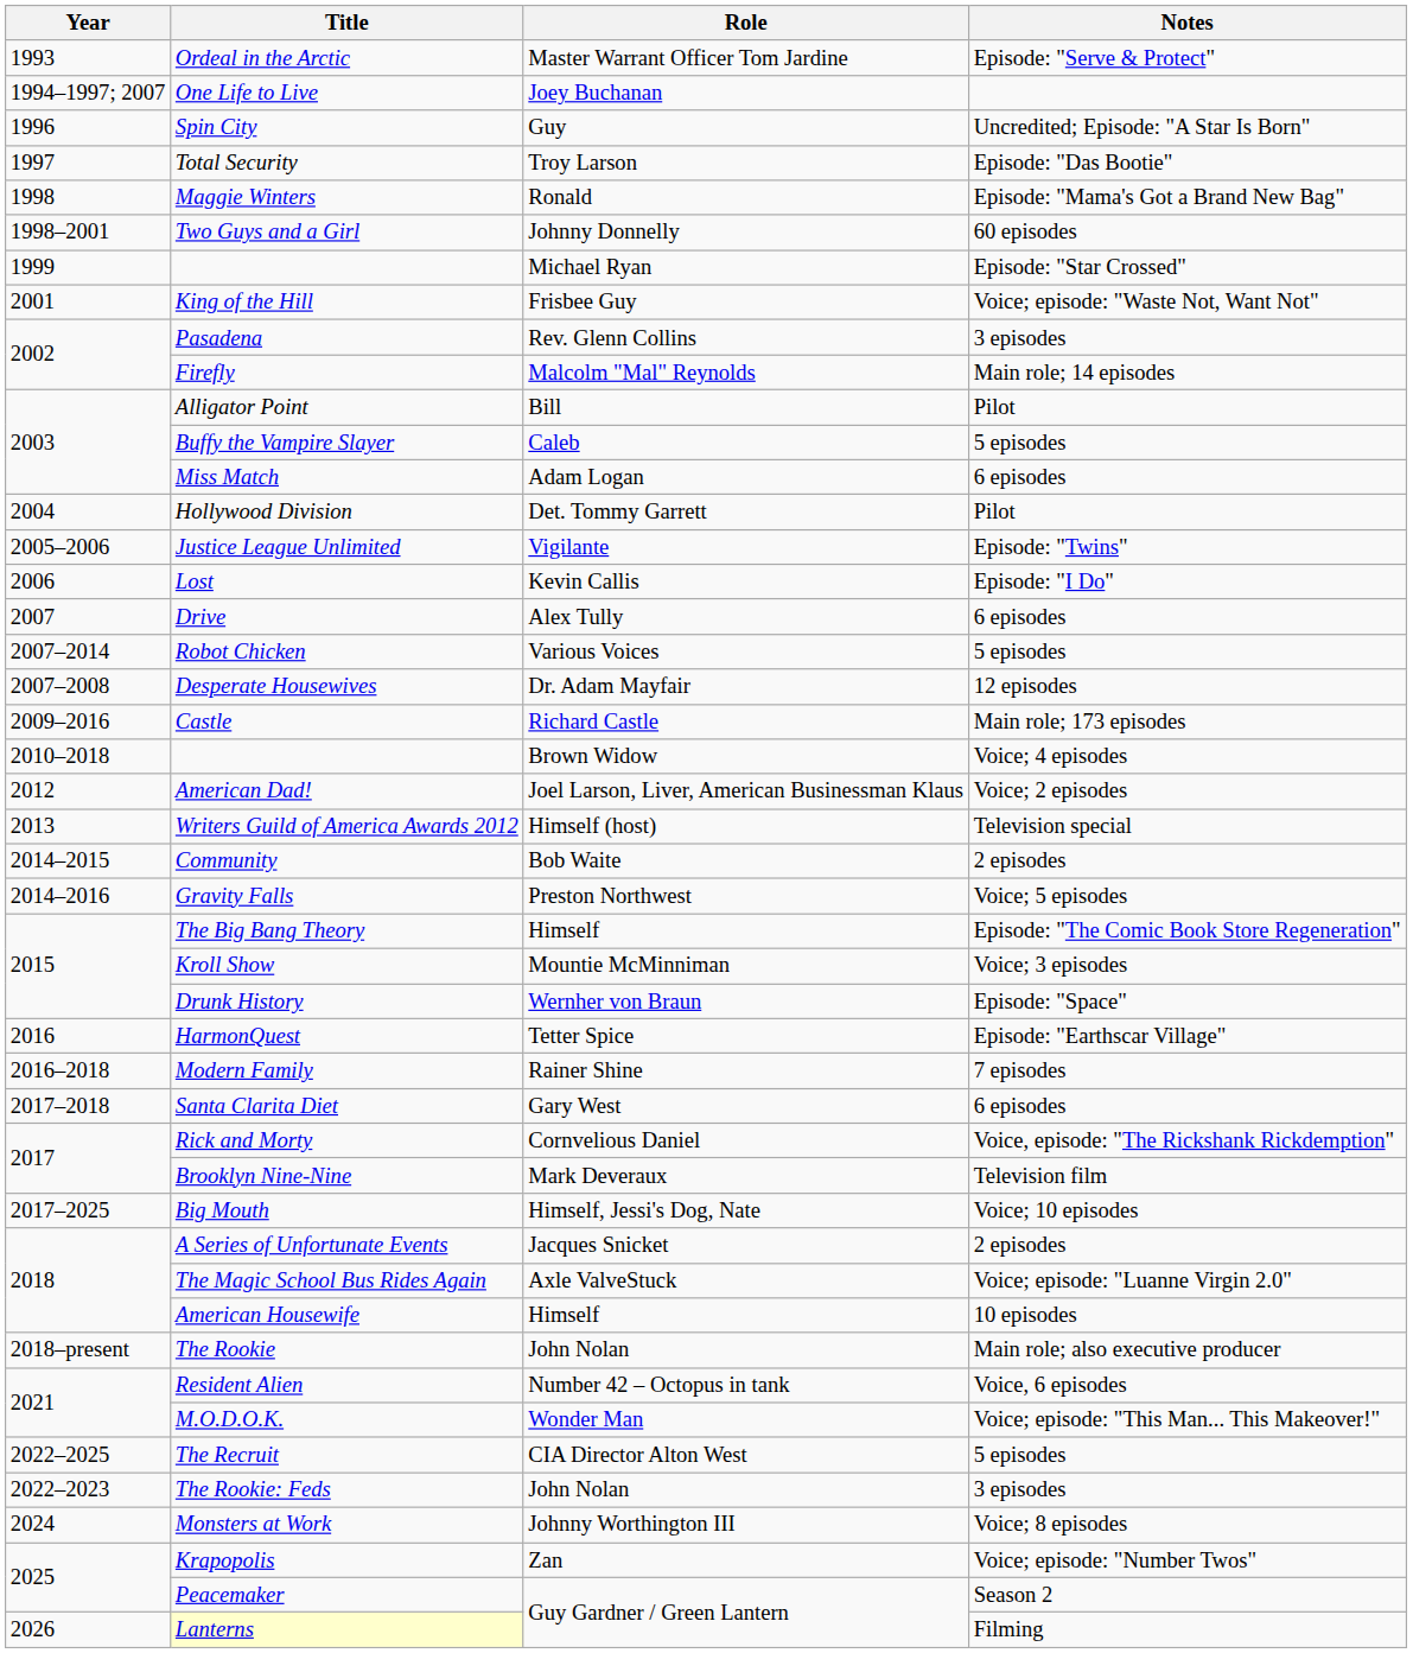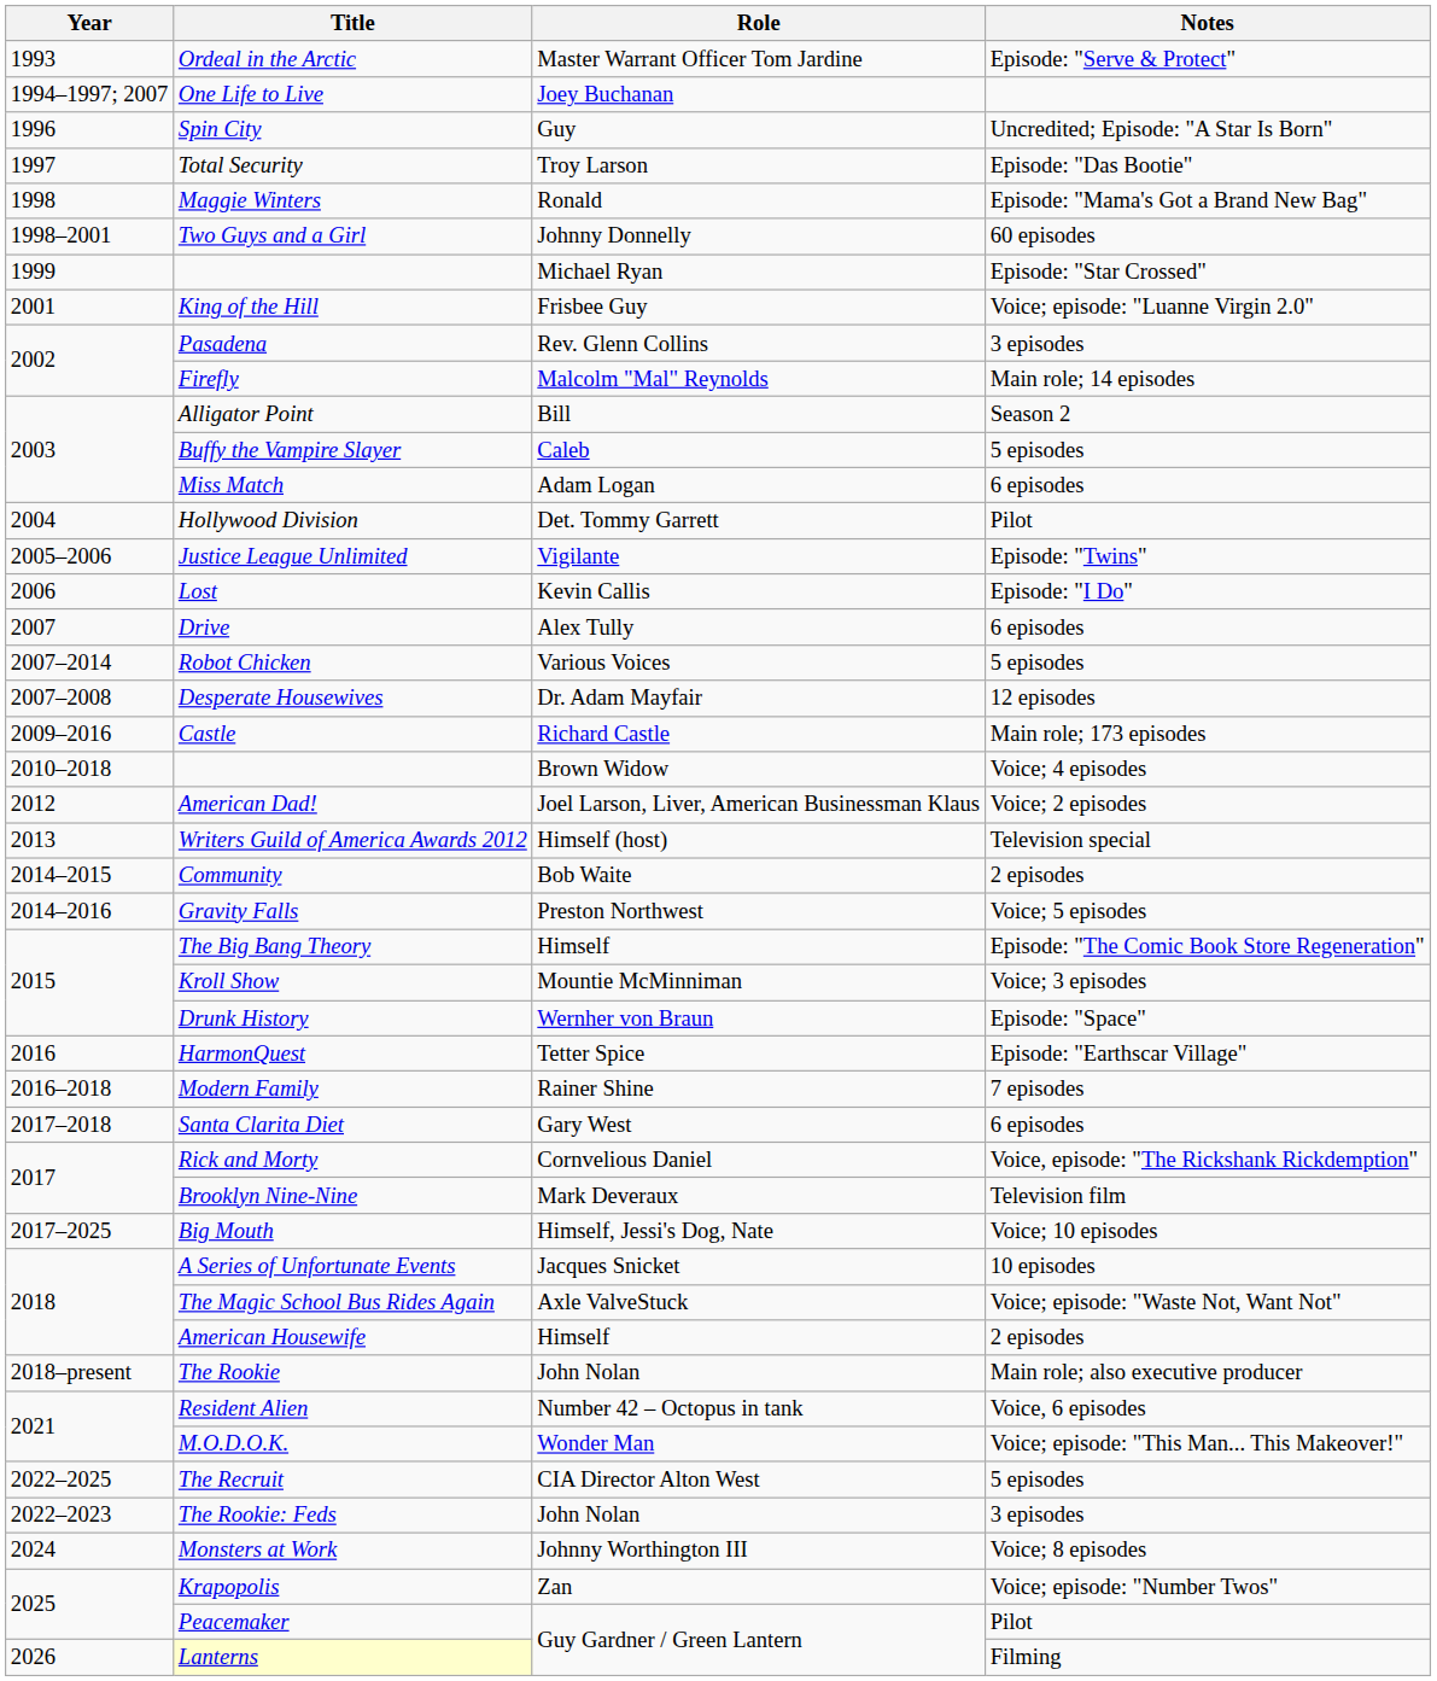 <table class="wikitable sortable">
 <tr>
 <th>Year</th>
 <th>Title</th>
 <th>Role</th>
 <th class="unsortable">Notes</th>
 </tr>
 <tr>
 <td>1993</td>
 <td><em><a href='#'>Ordeal in the Arctic</a></em></td>
 <td>Master Warrant Officer Tom Jardine</td>
 <td>Episode: "<a href='#'>Serve & Protect</a>"</td>
 </tr>
 <tr>
 <td>1994–1997; 2007</td>
 <td><em><a href='#'>One Life to Live</a></em></td>
 <td><a href='#'>Joey Buchanan</a></td>
 <td></td>
 </tr>
 <tr>
 <td>1996</td>
 <td><em><a href='#'>Spin City</a></em></td>
 <td>Guy</td>
 <td>Uncredited; Episode: "A Star Is Born"</td>
 </tr>
 <tr>
 <td>1997</td>
 <td><em>Total Security</em></td>
 <td>Troy Larson</td>
 <td>Episode: "Das Bootie"</td>
 </tr>
 <tr>
 <td>1998</td>
 <td><em><a href='#'>Maggie Winters</a></em></td>
 <td>Ronald</td>
 <td>Episode: "Mama's Got a Brand New Bag"</td>
 </tr>
 <tr>
 <td>1998–2001</td>
 <td><em><a href='#'>Two Guys and a Girl</a></em></td>
 <td>Johnny Donnelly</td>
 <td>60 episodes</td>
 </tr>
 <tr>
 <td>1999</td>
 <td><em></em></td>
 <td>Michael Ryan</td>
 <td>Episode: "Star Crossed"</td>
 </tr>
 <tr>
 <td>2001</td>
 <td><em><a href='#'>King of the Hill</a></em></td>
 <td>Frisbee Guy</td>
-<td>Voice; episode: "Waste Not, Want Not"</td>
+<td>Voice; episode: "Luanne Virgin 2.0"</td>
 </tr>
 <tr>
 <td rowspan="2">2002</td>
 <td><em><a href='#'>Pasadena</a></em></td>
 <td>Rev. Glenn Collins</td>
 <td>3 episodes</td>
 </tr>
 <tr>
 <td><em><a href='#'>Firefly</a></em></td>
 <td><a href='#'>Malcolm "Mal" Reynolds</a></td>
 <td>Main role; 14 episodes</td>
 </tr>
 <tr>
 <td rowspan="3">2003</td>
 <td><em>Alligator Point</em></td>
 <td>Bill</td>
-<td>Pilot</td>
+<td>Season 2</td>
 </tr>
 <tr>
 <td><em><a href='#'>Buffy the Vampire Slayer</a></em></td>
 <td><a href='#'>Caleb</a></td>
 <td>5 episodes</td>
 </tr>
 <tr>
 <td><em><a href='#'>Miss Match</a></em></td>
 <td>Adam Logan</td>
 <td>6 episodes</td>
 </tr>
 <tr>
 <td>2004</td>
 <td><em>Hollywood Division</em></td>
 <td>Det. Tommy Garrett</td>
 <td>Pilot</td>
 </tr>
 <tr>
 <td>2005–2006</td>
 <td><em><a href='#'>Justice League Unlimited</a></em></td>
 <td><a href='#'>Vigilante</a></td>
 <td>Episode: "<a href='#'>Twins</a>"</td>
 </tr>
 <tr>
 <td>2006</td>
 <td><em><a href='#'>Lost</a></em></td>
 <td>Kevin Callis</td>
 <td>Episode: "<a href='#'>I Do</a>"</td>
 </tr>
 <tr>
 <td>2007</td>
 <td><em><a href='#'>Drive</a></em></td>
 <td>Alex Tully</td>
 <td>6 episodes</td>
 </tr>
 <tr>
 <td>2007–2014</td>
 <td><em><a href='#'>Robot Chicken</a></em></td>
 <td>Various Voices</td>
 <td>5 episodes</td>
 </tr>
 <tr>
 <td>2007–2008</td>
 <td><em><a href='#'>Desperate Housewives</a></em></td>
 <td>Dr. Adam Mayfair</td>
 <td>12 episodes</td>
 </tr>
 <tr>
 <td>2009–2016</td>
 <td><em><a href='#'>Castle</a></em></td>
 <td><a href='#'>Richard Castle</a></td>
 <td>Main role; 173 episodes</td>
 </tr>
 <tr>
 <td>2010–2018</td>
 <td><em></em></td>
 <td>Brown Widow</td>
 <td>Voice; 4 episodes</td>
 </tr>
 <tr>
 <td>2012</td>
 <td><em><a href='#'>American Dad!</a></em></td>
 <td>Joel Larson, Liver, American Businessman Klaus</td>
 <td>Voice; 2 episodes</td>
 </tr>
 <tr>
 <td>2013</td>
 <td><em><a href='#'>Writers Guild of America Awards 2012</a></em></td>
 <td>Himself (host)</td>
 <td>Television special</td>
 </tr>
 <tr>
 <td>2014–2015</td>
 <td><em><a href='#'>Community</a></em></td>
 <td>Bob Waite</td>
 <td>2 episodes</td>
 </tr>
 <tr>
 <td>2014–2016</td>
 <td><em><a href='#'>Gravity Falls</a></em></td>
 <td>Preston Northwest</td>
 <td>Voice; 5 episodes</td>
 </tr>
 <tr>
 <td rowspan="3">2015</td>
 <td data-sort-value="Big Bang Theory, The"><em><a href='#'>The Big Bang Theory</a></em></td>
 <td>Himself</td>
 <td>Episode: "<a href='#'>The Comic Book Store Regeneration</a>"</td>
 </tr>
 <tr>
 <td><em><a href='#'>Kroll Show</a></em></td>
 <td>Mountie McMinniman</td>
 <td>Voice; 3 episodes</td>
 </tr>
 <tr>
 <td><em><a href='#'>Drunk History</a></em></td>
 <td><a href='#'>Wernher von Braun</a></td>
 <td>Episode: "Space"</td>
 </tr>
 <tr>
 <td>2016</td>
 <td><em><a href='#'>HarmonQuest</a></em></td>
 <td>Tetter Spice</td>
 <td>Episode: "Earthscar Village"</td>
 </tr>
 <tr>
 <td>2016–2018</td>
 <td><em><a href='#'>Modern Family</a></em></td>
 <td>Rainer Shine</td>
 <td>7 episodes</td>
 </tr>
 <tr>
 <td>2017–2018</td>
 <td><em><a href='#'>Santa Clarita Diet</a></em></td>
 <td>Gary West</td>
 <td>6 episodes</td>
 </tr>
 <tr>
 <td rowspan="2">2017</td>
 <td><em><a href='#'>Rick and Morty</a></em></td>
 <td>Cornvelious Daniel</td>
 <td>Voice, episode: "<a href='#'>The Rickshank Rickdemption</a>"</td>
 </tr>
 <tr>
 <td><em><a href='#'>Brooklyn Nine-Nine</a></em></td>
 <td>Mark Deveraux</td>
 <td>Television film</td>
 </tr>
 <tr>
 <td>2017–2025</td>
 <td><em><a href='#'>Big Mouth</a></em></td>
 <td>Himself, Jessi's Dog, Nate</td>
 <td>Voice; 10 episodes</td>
 </tr>
 <tr>
 <td rowspan="3">2018</td>
 <td data-sort-value="Series of Unfortunate Events, A"><em><a href='#'>A Series of Unfortunate Events</a></em></td>
 <td>Jacques Snicket</td>
-<td>2 episodes</td>
+<td>10 episodes</td>
 </tr>
 <tr>
 <td data-sort-value="Magic School Bus Rides Again, The"><em><a href='#'>The Magic School Bus Rides Again</a></em></td>
 <td>Axle ValveStuck</td>
-<td>Voice; episode: "Luanne Virgin 2.0"</td>
+<td>Voice; episode: "Waste Not, Want Not"</td>
 </tr>
 <tr>
 <td><em><a href='#'>American Housewife</a></em></td>
 <td>Himself</td>
-<td>10 episodes</td>
+<td>2 episodes</td>
 </tr>
 <tr>
 <td>2018–present</td>
 <td data-sort-value="Rookie, The"><em><a href='#'>The Rookie</a></em></td>
 <td>John Nolan</td>
 <td>Main role; also executive producer</td>
 </tr>
 <tr>
 <td rowspan="2">2021</td>
 <td><em><a href='#'>Resident Alien</a></em></td>
 <td>Number 42 – Octopus in tank</td>
 <td>Voice, 6 episodes</td>
 </tr>
 <tr>
 <td><a href='#'><em>M.O.D.O.K.</em></a></td>
 <td><a href='#'>Wonder Man</a></td>
 <td>Voice; episode: "This Man... This Makeover!"</td>
 </tr>
 <tr>
 <td>2022–2025</td>
 <td data-sort-value="Recruit, The"><a href='#'><em>The Recruit</em></a></td>
 <td>CIA Director Alton West</td>
 <td>5 episodes</td>
 </tr>
 <tr>
 <td>2022–2023</td>
 <td data-sort-value="Rookie: Feds, The"><em><a href='#'>The Rookie: Feds</a></em></td>
 <td>John Nolan</td>
 <td>3 episodes</td>
 </tr>
 <tr>
 <td>2024</td>
 <td><em><a href='#'>Monsters at Work</a></em></td>
 <td>Johnny Worthington III</td>
 <td>Voice; 8 episodes</td>
 </tr>
 <tr>
 <td rowspan="2">2025</td>
 <td><em><a href='#'>Krapopolis</a></em></td>
 <td>Zan</td>
 <td>Voice; episode: "Number Twos"</td>
 </tr>
 <tr>
 <td><em><a href='#'>Peacemaker</a></em></td>
 <td rowspan="2">Guy Gardner / Green Lantern</td>
-<td>Season 2</td>
+<td>Pilot</td>
 </tr>
 <tr>
 <td>2026</td>
 <td style="background:#FFFFCC;"><em><a href='#'>Lanterns</a></em> </td>
 <td>Filming</td>
 </tr>
 </table>
